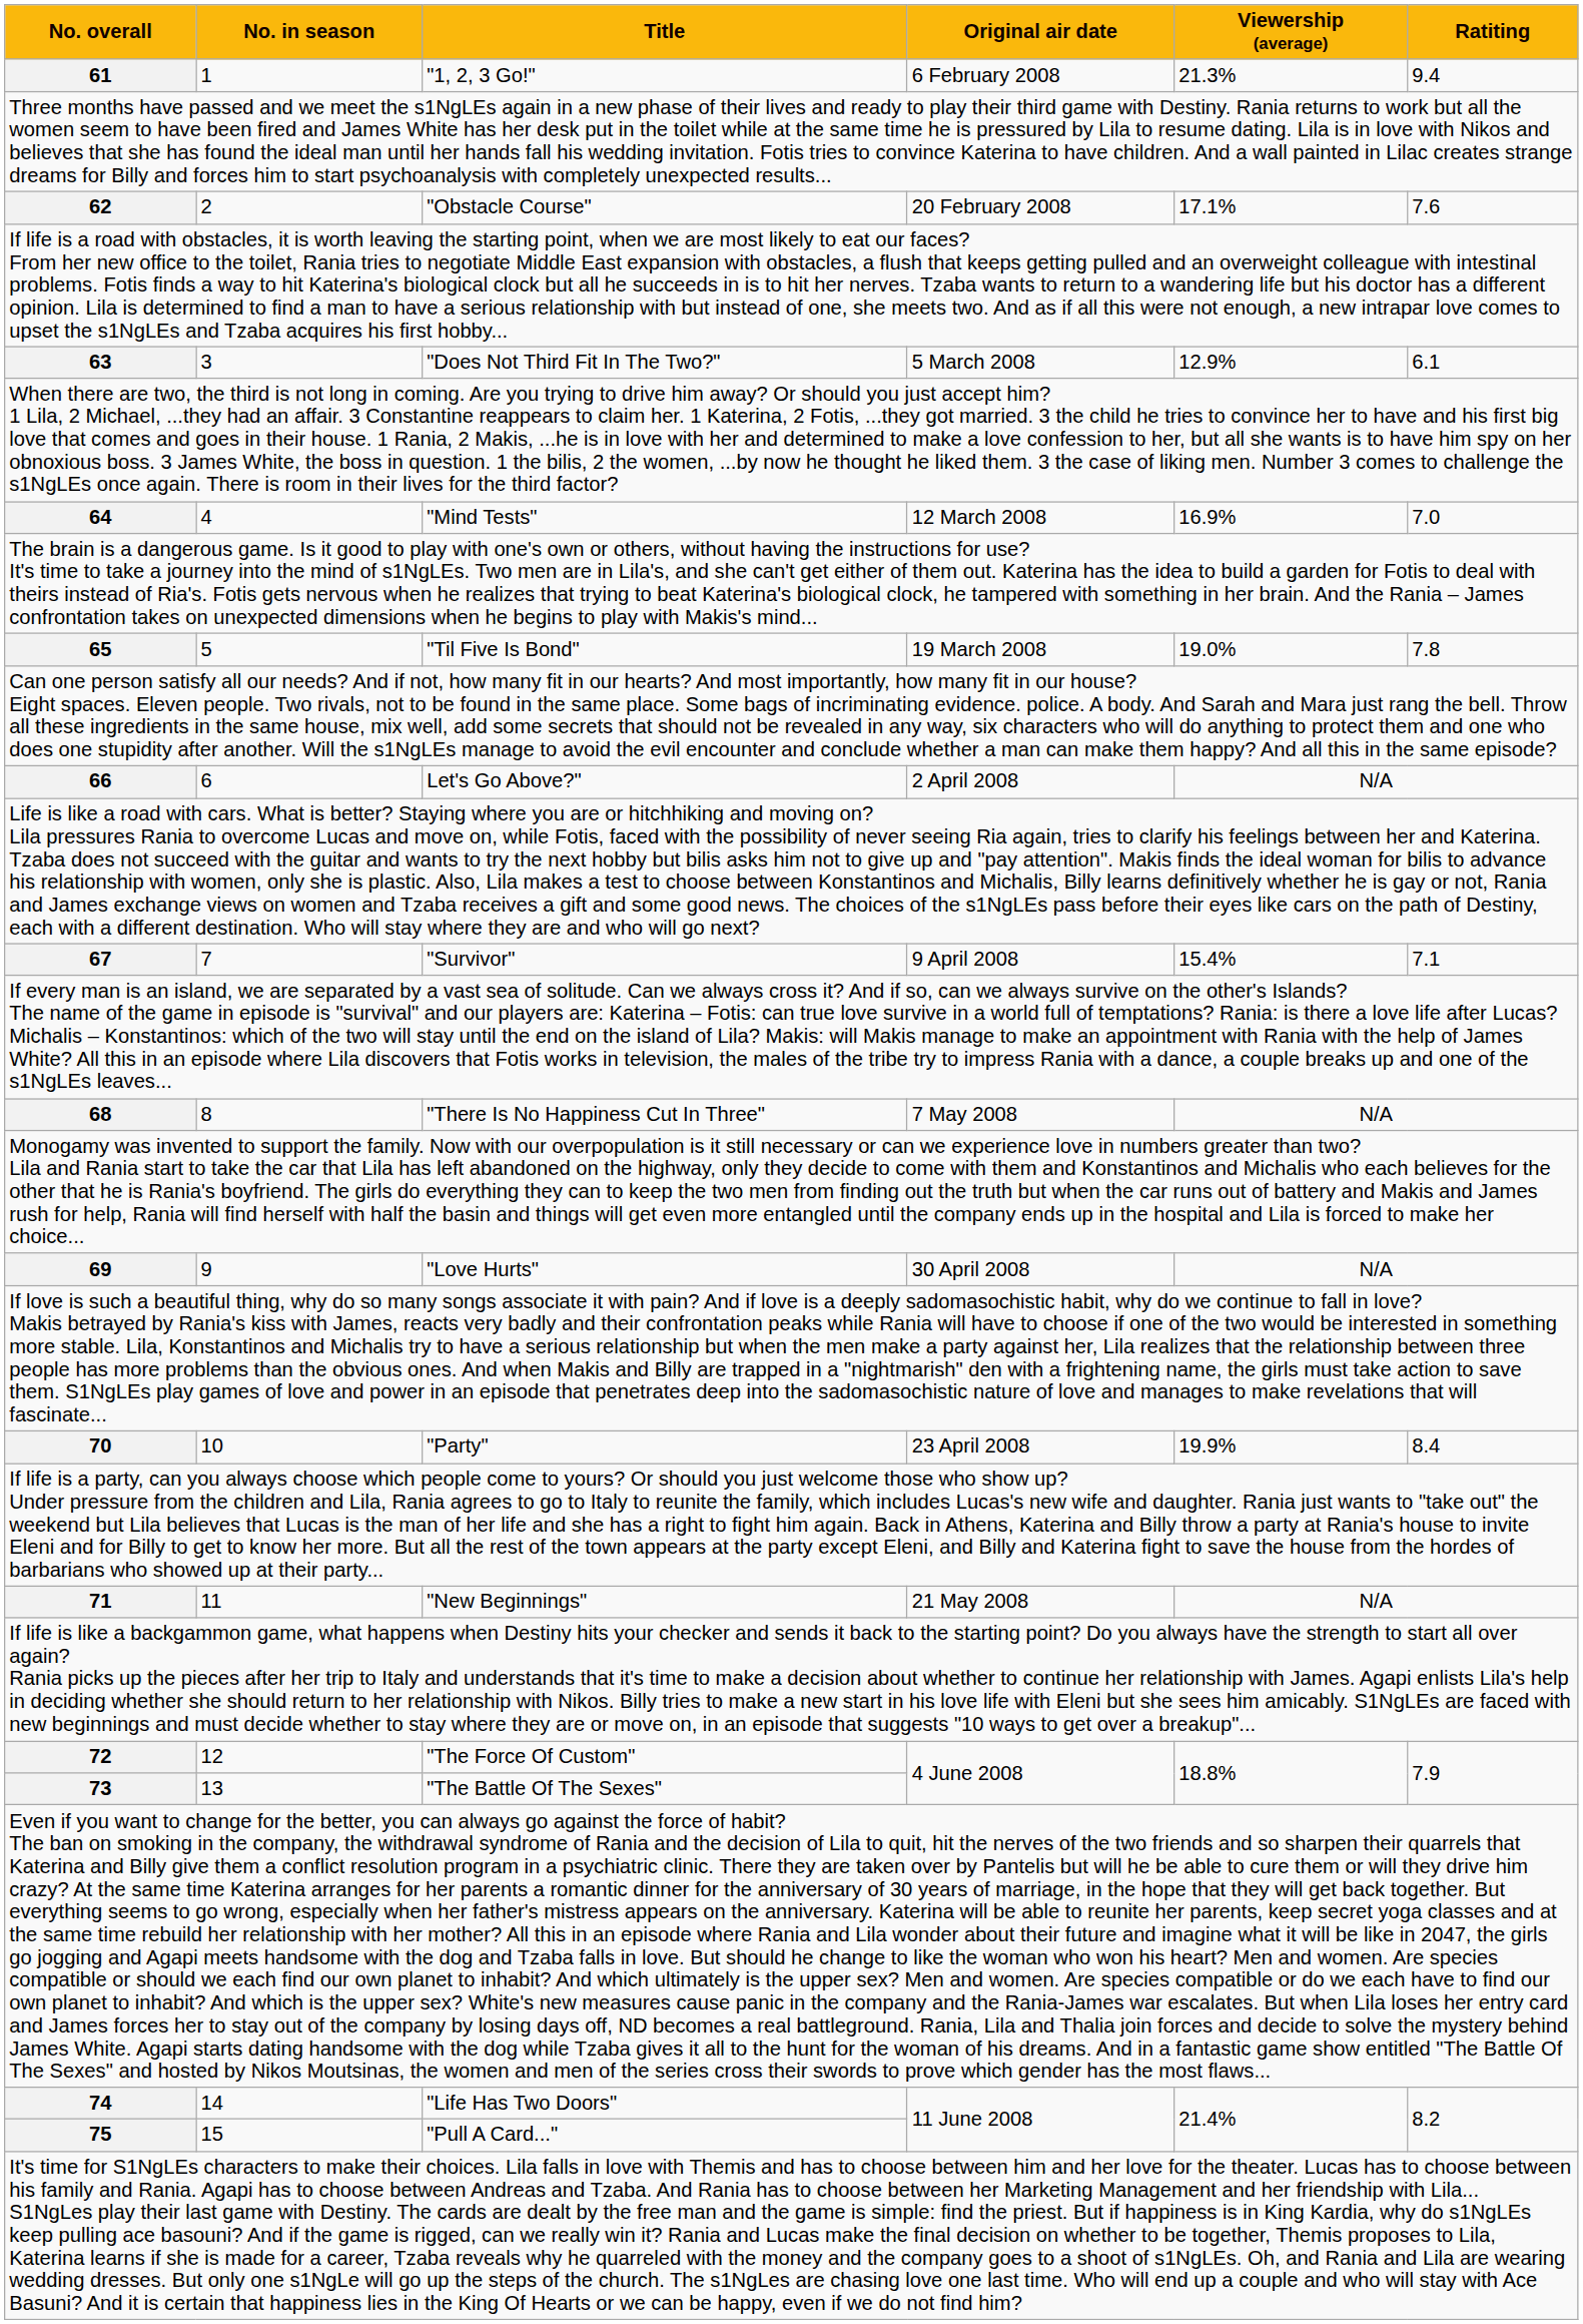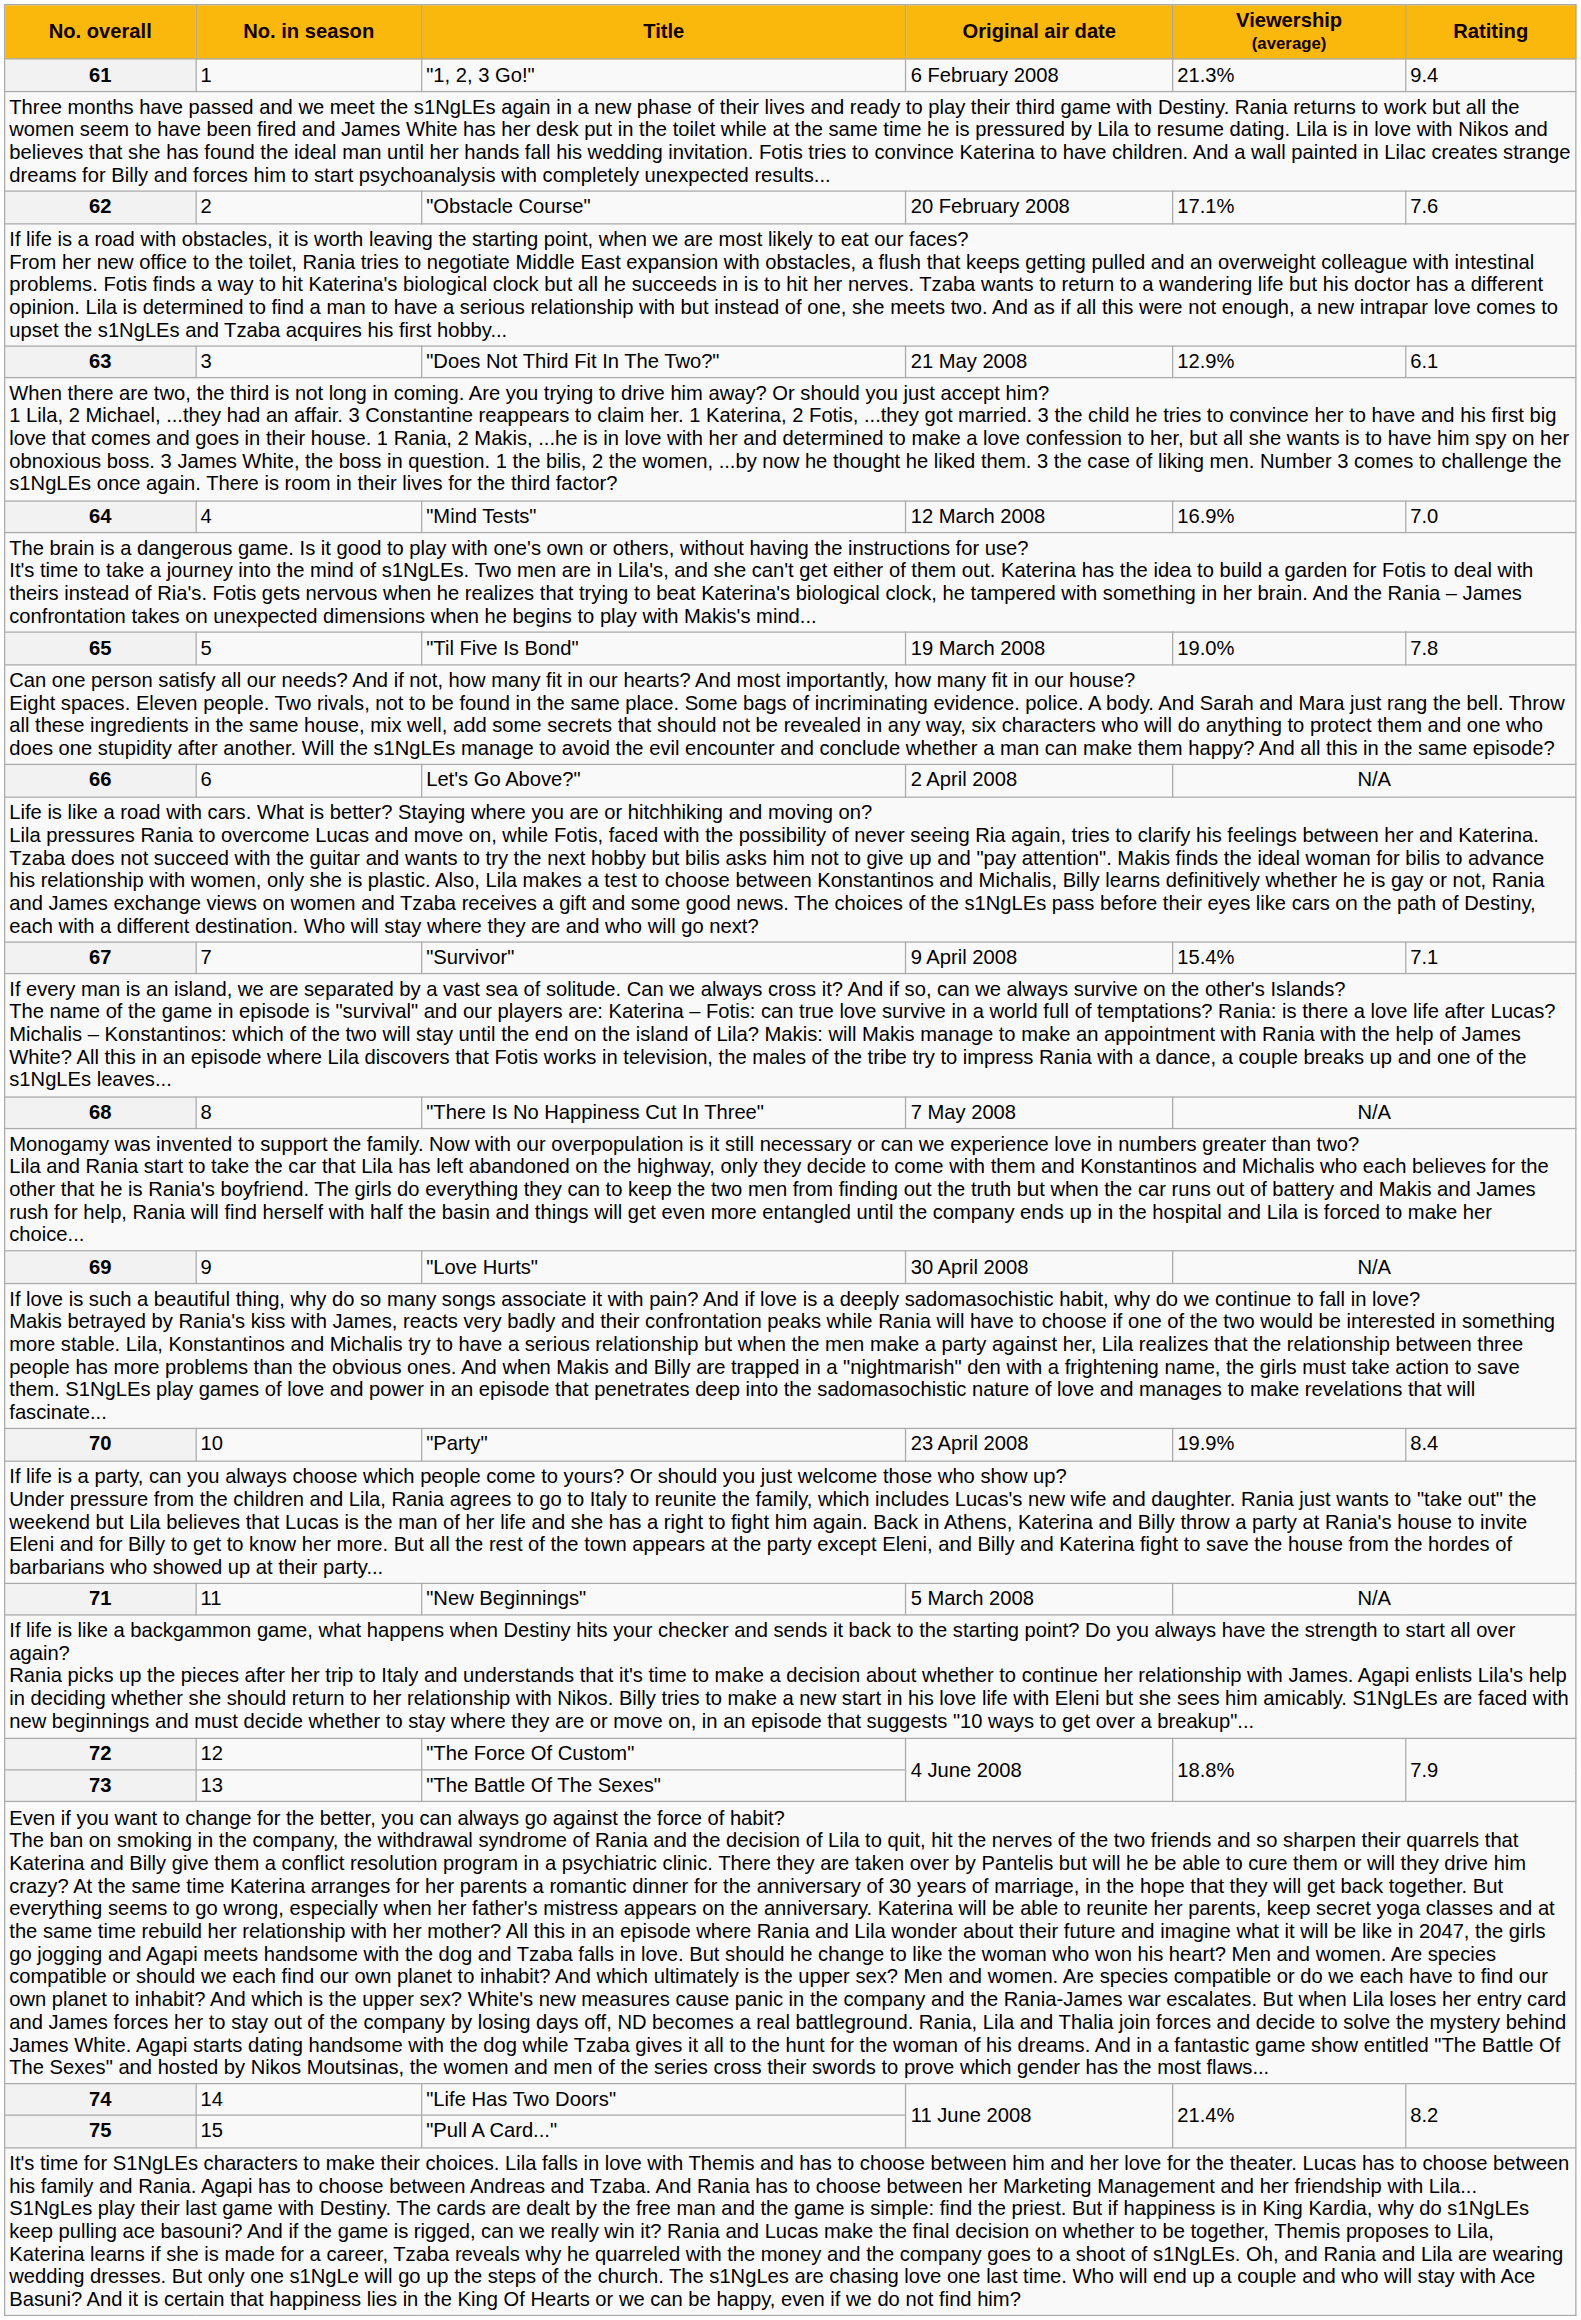 <table class="wikitable">
 <tr>
 <th style="background:#fab80c; color:#100;">No. overall</th>
 <th style="background:#fab80c; color:#100;">No. in season</th>
 <th style="background:#fab80c; color:#100;">Title</th>
 <th style="background:#fab80c; color:#100;">Original air date</th>
 <th style="background:#fab80c; color:#100;">Viewership<br><small>(average)</small></th>
 <th style="background:#fab80c; color:#100;">Ratiting</th>
 </tr>
 <tr>
 <th>61</th>
 <td>1</td>
 <td>"1, 2, 3 Go!"</td>
 <td>6 February 2008</td>
 <td>21.3%</td>
 <td>9.4</td>
 </tr>
 <tr>
 <td colspan="6">Three months have passed and we meet the s1NgLEs again in a new phase of their lives and ready to play their third game with Destiny. Rania returns to work but all the women seem to have been fired and James White has her desk put in the toilet while at the same time he is pressured by Lila to resume dating. Lila is in love with Nikos and believes that she has found the ideal man until her hands fall his wedding invitation. Fotis tries to convince Katerina to have children. And a wall painted in Lilac creates strange dreams for Billy and forces him to start psychoanalysis with completely unexpected results...</td>
 </tr>
 <tr>
 <th>62</th>
 <td>2</td>
 <td>"Obstacle Course"</td>
 <td>20 February 2008</td>
 <td>17.1%</td>
 <td>7.6</td>
 </tr>
 <tr>
 <td colspan="6">If life is a road with obstacles, it is worth leaving the starting point, when we are most likely to eat our faces?<br>From her new office to the toilet, Rania tries to negotiate Middle East expansion with obstacles, a flush that keeps getting pulled and an overweight colleague with intestinal problems. Fotis finds a way to hit Katerina's biological clock but all he succeeds in is to hit her nerves. Tzaba wants to return to a wandering life but his doctor has a different opinion. Lila is determined to find a man to have a serious relationship with but instead of one, she meets two. And as if all this were not enough, a new intrapar love comes to upset the s1NgLEs and Tzaba acquires his first hobby...</td>
 </tr>
 <tr>
 <th>63</th>
 <td>3</td>
 <td>"Does Not Third Fit In The Two?"</td>
-<td>5 March 2008</td>
+<td>21 May 2008</td>
 <td>12.9%</td>
 <td>6.1</td>
 </tr>
 <tr>
 <td colspan="6">When there are two, the third is not long in coming. Are you trying to drive him away? Or should you just accept him?<br>1 Lila, 2 Michael, ...they had an affair. 3 Constantine reappears to claim her. 1 Katerina, 2 Fotis, ...they got married. 3 the child he tries to convince her to have and his first big love that comes and goes in their house. 1 Rania, 2 Makis, ...he is in love with her and determined to make a love confession to her, but all she wants is to have him spy on her obnoxious boss. 3 James White, the boss in question. 1 the bilis, 2 the women, ...by now he thought he liked them. 3 the case of liking men. Number 3 comes to challenge the s1NgLEs once again. There is room in their lives for the third factor?</td>
 </tr>
 <tr>
 <th>64</th>
 <td>4</td>
 <td>"Mind Tests"</td>
 <td>12 March 2008</td>
 <td>16.9%</td>
 <td>7.0</td>
 </tr>
 <tr>
 <td colspan="6">The brain is a dangerous game. Is it good to play with one's own or others, without having the instructions for use?<br>It's time to take a journey into the mind of s1NgLEs. Two men are in Lila's, and she can't get either of them out. Katerina has the idea to build a garden for Fotis to deal with theirs instead of Ria's. Fotis gets nervous when he realizes that trying to beat Katerina's biological clock, he tampered with something in her brain. And the Rania – James confrontation takes on unexpected dimensions when he begins to play with Makis's mind...</td>
 </tr>
 <tr>
 <th>65</th>
 <td>5</td>
 <td>"Til Five Is Bond"</td>
 <td>19 March 2008</td>
 <td>19.0%</td>
 <td>7.8</td>
 </tr>
 <tr>
 <td colspan="6">Can one person satisfy all our needs? And if not, how many fit in our hearts? And most importantly, how many fit in our house?<br>Eight spaces. Eleven people. Two rivals, not to be found in the same place. Some bags of incriminating evidence. police. A body. And Sarah and Mara just rang the bell. Throw all these ingredients in the same house, mix well, add some secrets that should not be revealed in any way, six characters who will do anything to protect them and one who does one stupidity after another. Will the s1NgLEs manage to avoid the evil encounter and conclude whether a man can make them happy? And all this in the same episode?</td>
 </tr>
 <tr>
 <th>66</th>
 <td>6</td>
 <td>Let's Go Above?"</td>
 <td>2 April 2008</td>
 <td colspan="2" style="text-align:center;">N/A</td>
 </tr>
 <tr>
 <td colspan="6">Life is like a road with cars. What is better? Staying where you are or hitchhiking and moving on?<br>Lila pressures Rania to overcome Lucas and move on, while Fotis, faced with the possibility of never seeing Ria again, tries to clarify his feelings between her and Katerina. Tzaba does not succeed with the guitar and wants to try the next hobby but bilis asks him not to give up and "pay attention". Makis finds the ideal woman for bilis to advance his relationship with women, only she is plastic. Also, Lila makes a test to choose between Konstantinos and Michalis, Billy learns definitively whether he is gay or not, Rania and James exchange views on women and Tzaba receives a gift and some good news. The choices of the s1NgLEs pass before their eyes like cars on the path of Destiny, each with a different destination. Who will stay where they are and who will go next?</td>
 </tr>
 <tr>
 <th>67</th>
 <td>7</td>
 <td>"Survivor"</td>
 <td>9 April 2008</td>
 <td>15.4%</td>
 <td>7.1</td>
 </tr>
 <tr>
 <td colspan="6">If every man is an island, we are separated by a vast sea of solitude. Can we always cross it? And if so, can we always survive on the other's Islands?<br>The name of the game in episode is "survival" and our players are: Katerina – Fotis: can true love survive in a world full of temptations? Rania: is there a love life after Lucas? Michalis – Konstantinos: which of the two will stay until the end on the island of Lila? Makis: will Makis manage to make an appointment with Rania with the help of James White? All this in an episode where Lila discovers that Fotis works in television, the males of the tribe try to impress Rania with a dance, a couple breaks up and one of the s1NgLEs leaves...</td>
 </tr>
 <tr>
 <th>68</th>
 <td>8</td>
 <td>"There Is No Happiness Cut In Three"</td>
 <td>7 May 2008</td>
 <td colspan="2" style="text-align:center;">N/A</td>
 </tr>
 <tr>
 <td colspan="6">Monogamy was invented to support the family. Now with our overpopulation is it still necessary or can we experience love in numbers greater than two?<br>Lila and Rania start to take the car that Lila has left abandoned on the highway, only they decide to come with them and Konstantinos and Michalis who each believes for the other that he is Rania's boyfriend. The girls do everything they can to keep the two men from finding out the truth but when the car runs out of battery and Makis and James rush for help, Rania will find herself with half the basin and things will get even more entangled until the company ends up in the hospital and Lila is forced to make her choice...</td>
 </tr>
 <tr>
 <th>69</th>
 <td>9</td>
 <td>"Love Hurts"</td>
 <td>30 April 2008</td>
 <td colspan="2" style="text-align:center;">N/A</td>
 </tr>
 <tr>
 <td colspan="6">If love is such a beautiful thing, why do so many songs associate it with pain? And if love is a deeply sadomasochistic habit, why do we continue to fall in love?<br>Makis betrayed by Rania's kiss with James, reacts very badly and their confrontation peaks while Rania will have to choose if one of the two would be interested in something more stable. Lila, Konstantinos and Michalis try to have a serious relationship but when the men make a party against her, Lila realizes that the relationship between three people has more problems than the obvious ones. And when Makis and Billy are trapped in a "nightmarish" den with a frightening name, the girls must take action to save them. S1NgLEs play games of love and power in an episode that penetrates deep into the sadomasochistic nature of love and manages to make revelations that will fascinate...</td>
 </tr>
 <tr>
 <th>70</th>
 <td>10</td>
 <td>"Party"</td>
 <td>23 April 2008</td>
 <td>19.9%</td>
 <td>8.4</td>
 </tr>
 <tr>
 <td colspan="6">If life is a party, can you always choose which people come to yours? Or should you just welcome those who show up?<br>Under pressure from the children and Lila, Rania agrees to go to Italy to reunite the family, which includes Lucas's new wife and daughter. Rania just wants to "take out" the weekend but Lila believes that Lucas is the man of her life and she has a right to fight him again. Back in Athens, Katerina and Billy throw a party at Rania's house to invite Eleni and for Billy to get to know her more. But all the rest of the town appears at the party except Eleni, and Billy and Katerina fight to save the house from the hordes of barbarians who showed up at their party...</td>
 </tr>
 <tr>
 <th>71</th>
 <td>11</td>
 <td>"New Beginnings"</td>
-<td>21 May 2008</td>
+<td>5 March 2008</td>
 <td colspan="2" style="text-align:center;">N/A</td>
 </tr>
 <tr>
 <td colspan="6">If life is like a backgammon game, what happens when Destiny hits your checker and sends it back to the starting point? Do you always have the strength to start all over again?<br>Rania picks up the pieces after her trip to Italy and understands that it's time to make a decision about whether to continue her relationship with James. Agapi enlists Lila's help in deciding whether she should return to her relationship with Nikos. Billy tries to make a new start in his love life with Eleni but she sees him amicably. S1NgLEs are faced with new beginnings and must decide whether to stay where they are or move on, in an episode that suggests "10 ways to get over a breakup"...</td>
 </tr>
 <tr>
 <th>72</th>
 <td>12</td>
 <td>"The Force Of Custom"</td>
 <td rowspan="2">4 June 2008</td>
 <td rowspan="2">18.8%</td>
 <td rowspan="2">7.9</td>
 </tr>
 <tr>
 <th>73</th>
 <td>13</td>
 <td>"The Battle Of The Sexes"</td>
 </tr>
 <tr>
 <td colspan="6">Even if you want to change for the better, you can always go against the force of habit?<br>The ban on smoking in the company, the withdrawal syndrome of Rania and the decision of Lila to quit, hit the nerves of the two friends and so sharpen their quarrels that Katerina and Billy give them a conflict resolution program in a psychiatric clinic. There they are taken over by Pantelis but will he be able to cure them or will they drive him crazy? At the same time Katerina arranges for her parents a romantic dinner for the anniversary of 30 years of marriage, in the hope that they will get back together. But everything seems to go wrong, especially when her father's mistress appears on the anniversary. Katerina will be able to reunite her parents, keep secret yoga classes and at the same time rebuild her relationship with her mother? All this in an episode where Rania and Lila wonder about their future and imagine what it will be like in 2047, the girls go jogging and Agapi meets handsome with the dog and Tzaba falls in love. But should he change to like the woman who won his heart? Men and women. Are species compatible or should we each find our own planet to inhabit? And which ultimately is the upper sex? Men and women. Are species compatible or do we each have to find our own planet to inhabit? And which is the upper sex? White's new measures cause panic in the company and the Rania-James war escalates. But when Lila loses her entry card and James forces her to stay out of the company by losing days off, ND becomes a real battleground. Rania, Lila and Thalia join forces and decide to solve the mystery behind James White. Agapi starts dating handsome with the dog while Tzaba gives it all to the hunt for the woman of his dreams. And in a fantastic game show entitled "The Battle Of The Sexes" and hosted by Nikos Moutsinas, the women and men of the series cross their swords to prove which gender has the most flaws...</td>
 </tr>
 <tr>
 <th>74</th>
 <td>14</td>
 <td>"Life Has Two Doors"</td>
 <td rowspan="2">11 June 2008</td>
 <td rowspan="2">21.4%</td>
 <td rowspan="2">8.2</td>
 </tr>
 <tr>
 <th>75</th>
 <td>15</td>
 <td>"Pull A Card..."</td>
 </tr>
 <tr>
 <td colspan="6">It's time for S1NgLEs characters to make their choices. Lila falls in love with Themis and has to choose between him and her love for the theater. Lucas has to choose between his family and Rania. Agapi has to choose between Andreas and Tzaba. And Rania has to choose between her Marketing Management and her friendship with Lila...<br>S1NgLes play their last game with Destiny. The cards are dealt by the free man and the game is simple: find the priest. But if happiness is in King Kardia, why do s1NgLEs keep pulling ace basouni? And if the game is rigged, can we really win it? Rania and Lucas make the final decision on whether to be together, Themis proposes to Lila, Katerina learns if she is made for a career, Tzaba reveals why he quarreled with the money and the company goes to a shoot of s1NgLEs. Oh, and Rania and Lila are wearing wedding dresses. But only one s1NgLe will go up the steps of the church. The s1NgLes are chasing love one last time. Who will end up a couple and who will stay with Ace Basuni? And it is certain that happiness lies in the King Of Hearts or we can be happy, even if we do not find him?</td>
 </tr>
 </table>
